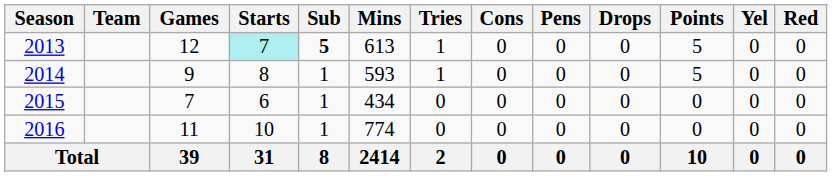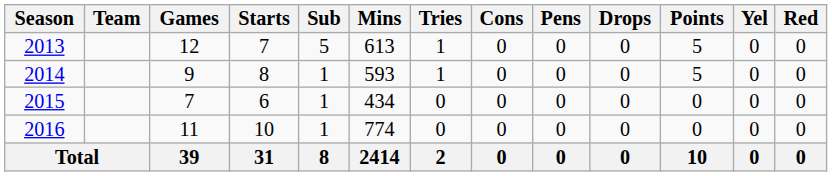 <table class="wikitable" style="text-align:center; line-height:90%; font-size:95%; width:70%;">
 <tr>
 <th>Season</th>
 <th>Team</th>
 <th>Games</th>
 <th>Starts</th>
 <th>Sub</th>
 <th>Mins</th>
 <th>Tries</th>
 <th>Cons</th>
 <th>Pens</th>
 <th>Drops</th>
 <th>Points</th>
 <th>Yel</th>
 <th>Red</th>
 </tr>
 <tr>
 <td><a href='#'>2013</a></td>
 <td></td>
 <td>12</td>
-<td style="background: paleturquoise;">7</td>
-<td><strong>5</strong></td>
+<td>7</td>
+<td>5</td>
 <td>613</td>
 <td>1</td>
 <td>0</td>
 <td>0</td>
 <td>0</td>
 <td>5</td>
 <td>0</td>
 <td>0</td>
 </tr>
 <tr>
 <td><a href='#'>2014</a></td>
 <td></td>
 <td>9</td>
 <td>8</td>
 <td>1</td>
 <td>593</td>
 <td>1</td>
 <td>0</td>
 <td>0</td>
 <td>0</td>
 <td>5</td>
 <td>0</td>
 <td>0</td>
 </tr>
 <tr>
 <td><a href='#'>2015</a></td>
 <td></td>
 <td>7</td>
 <td>6</td>
 <td>1</td>
 <td>434</td>
 <td>0</td>
 <td>0</td>
 <td>0</td>
 <td>0</td>
 <td>0</td>
 <td>0</td>
 <td>0</td>
 </tr>
 <tr>
 <td><a href='#'>2016</a></td>
 <td></td>
 <td>11</td>
 <td>10</td>
 <td>1</td>
 <td>774</td>
 <td>0</td>
 <td>0</td>
 <td>0</td>
 <td>0</td>
 <td>0</td>
 <td>0</td>
 <td>0</td>
 </tr>
 <tr>
 <th colspan="2">Total</th>
 <th>39</th>
 <th>31</th>
 <th>8</th>
 <th>2414</th>
 <th>2</th>
 <th>0</th>
 <th>0</th>
 <th>0</th>
 <th>10</th>
 <th>0</th>
 <th>0</th>
 </tr>
 </table>
